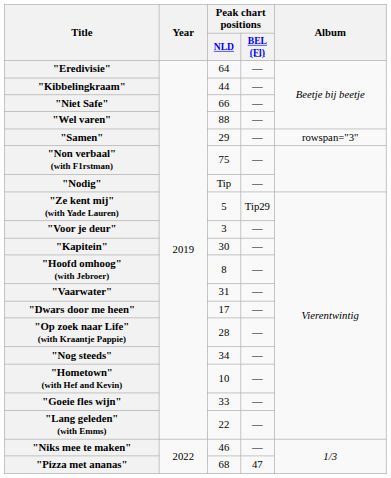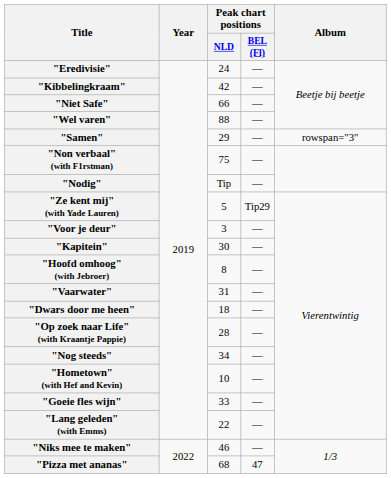 <table class="wikitable plainrowheaders" style="text-align:center;">
 <tr>
 <th scope="col" rowspan="2" style="width:14em;">Title</th>
 <th scope="col" rowspan="2" style="width:4em;">Year</th>
 <th scope="col" colspan="2">Peak chart positions</th>
 <th scope="col" rowspan="2" style="width:10em;">Album</th>
 </tr>
 <tr>
 <th scope="col" style="width:3em;font-size:90%;"><a href='#'>NLD</a><br></th>
 <th scope="col" style="width:3em;font-size:90%;"><a href='#'>BEL<br>(Fl)</a><br></th>
 </tr>
 <tr>
 <th scope="row">"Eredivisie"</th>
 <td rowspan=18>2019</td>
-<td>64</td>
+<td>24</td>
 <td>—</td>
 <td rowspan=4><em>Beetje bij beetje</em></td>
 </tr>
 <tr>
 <th scope="row">"Kibbelingkraam"</th>
-<td>44</td>
+<td>42</td>
 <td>—</td>
 </tr>
 <tr>
 <th scope="row">"Niet Safe"</th>
 <td>66</td>
 <td>—</td>
 </tr>
 <tr>
 <th scope="row">"Wel varen"</th>
 <td>88</td>
 <td>—</td>
 </tr>
 <tr>
 <th scope="row">"Samen"</th>
 <td>29</td>
 <td>—</td>
 <td>rowspan="3" </td>
 </tr>
 <tr>
 <th scope="row">"Non verbaal"<br><small>(with F1rstman)</small></th>
 <td>75</td>
 <td>—</td>
 </tr>
 <tr>
 <th scope="row">"Nodig"</th>
 <td>Tip</td>
 <td>—</td>
 </tr>
 <tr>
 <th scope="row">"Ze kent mij"<br><small>(with Yade Lauren)</small></th>
 <td>5</td>
 <td>Tip29</td>
 <td rowspan=11><em>Vierentwintig</em></td>
 </tr>
 <tr>
 <th scope="row">"Voor je deur"</th>
 <td>3</td>
 <td>—</td>
 </tr>
 <tr>
 <th scope="row">"Kapitein"</th>
 <td>30</td>
 <td>—</td>
 </tr>
 <tr>
 <th scope="row">"Hoofd omhoog"<br><small>(with Jebroer)</small></th>
 <td>8</td>
 <td>—</td>
 </tr>
 <tr>
 <th scope="row">"Vaarwater"</th>
 <td>31</td>
 <td>—</td>
 </tr>
 <tr>
 <th scope="row">"Dwars door me heen"</th>
-<td>17</td>
+<td>18</td>
 <td>—</td>
 </tr>
 <tr>
 <th scope="row">"Op zoek naar Life"<br><small>(with Kraantje Pappie)</small></th>
 <td>28</td>
 <td>—</td>
 </tr>
 <tr>
 <th scope="row">"Nog steeds"</th>
 <td>34</td>
 <td>—</td>
 </tr>
 <tr>
 <th scope="row">"Hometown"<br><small>(with Hef and Kevin)</small></th>
 <td>10</td>
 <td>—</td>
 </tr>
 <tr>
 <th scope="row">"Goeie fles wijn"</th>
 <td>33</td>
 <td>—</td>
 </tr>
 <tr>
 <th scope="row">"Lang geleden"<br><small>(with Emms)</small></th>
 <td>22</td>
 <td>—</td>
 </tr>
 <tr>
 <th scope="row">"Niks mee te maken"</th>
 <td rowspan="2">2022</td>
 <td>46</td>
 <td>—</td>
 <td rowspan="2"><em>1/3</em></td>
 </tr>
 <tr>
 <th scope="row">"Pizza met ananas"</th>
 <td>68</td>
 <td>47</td>
 </tr>
 </table>
